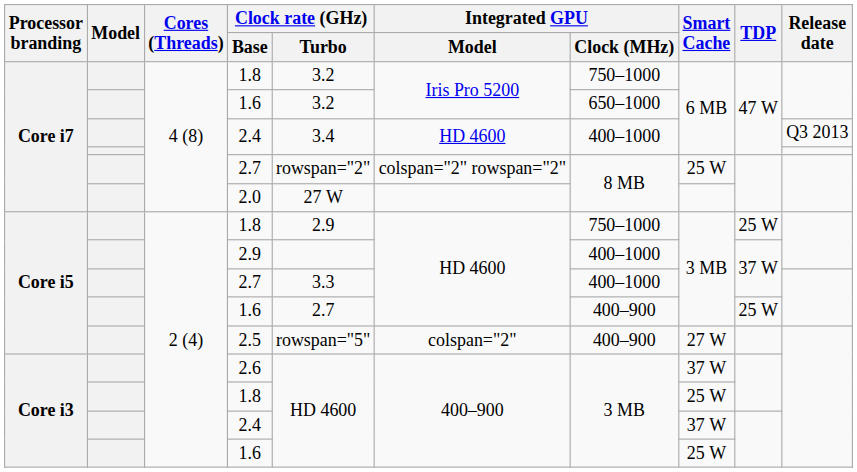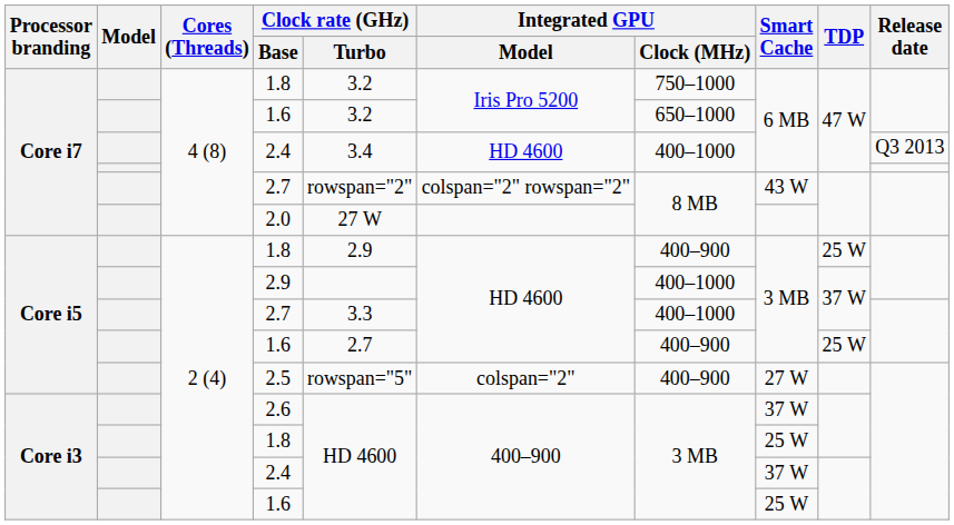 <table class="wikitable sortable nowrap" style="text-align: center;">
 <tr>
 <th class="unsortable" rowspan="2">Processor<br>branding</th>
 <th rowspan="2">Model</th>
 <th class="unsortable" rowspan="2"><a href='#'>Cores</a><br>(<a href='#'>Threads</a>)</th>
 <th colspan="2"><a href='#'>Clock rate</a> (GHz)</th>
 <th colspan="2">Integrated <a href='#'>GPU</a></th>
 <th class="unsortable" rowspan="2"><a href='#'>Smart<br>Cache</a></th>
 <th rowspan="2"><a href='#'>TDP</a></th>
 <th rowspan="2">Release<br>date</th>
 </tr>
 <tr>
 <th class="unsortable">Base</th>
 <th class="unsortable">Turbo</th>
 <th class="unsortable">Model</th>
 <th class="unsortable">Clock (MHz)</th>
 </tr>
 <tr>
 <th rowspan="6">Core i7</th>
 <th style="text-align:left;" data-sort-value="sku15"></th>
 <td rowspan="6">4 (8)</td>
 <td>1.8</td>
 <td>3.2</td>
 <td rowspan="2"><a href='#'>Iris Pro 5200</a></td>
 <td>750–1000</td>
 <td rowspan="4">6 MB</td>
 <td rowspan="4">47 W</td>
 <td rowspan="2"></td>
 </tr>
 <tr>
 <th style="text-align:left;" data-sort-value="sku14"></th>
 <td>1.6</td>
 <td>3.2</td>
 <td>650–1000</td>
 </tr>
 <tr>
 <th style="text-align:left;" data-sort-value="sku13"></th>
 <td rowspan="2">2.4</td>
 <td rowspan="2">3.4</td>
 <td rowspan="2"><a href='#'>HD 4600</a></td>
 <td rowspan="2">400–1000</td>
 <td>Q3 2013</td>
 </tr>
 <tr>
 <th style="text-align:left;" data-sort-value="sku12"></th>
 <td></td>
 </tr>
 <tr>
 <th style="text-align:left;" data-sort-value="sku11"></th>
 <td>2.7</td>
 <td>rowspan="2" </td>
 <td>colspan="2" rowspan="2" </td>
 <td rowspan="2">8 MB</td>
-<td>25 W</td>
+<td>43 W</td>
 <td rowspan="2"></td>
 </tr>
 <tr>
 <th style="text-align:left;" data-sort-value="sku10"></th>
 <td>2.0</td>
 <td>27 W</td>
 </tr>
 <tr>
 <th rowspan="5">Core i5</th>
 <th style="text-align:left;" data-sort-value="sku9"></th>
 <td rowspan="9">2 (4)</td>
 <td>1.8</td>
 <td>2.9</td>
 <td rowspan="4">HD 4600</td>
-<td>750–1000</td>
+<td>400–900</td>
 <td rowspan="4">3 MB</td>
 <td>25 W</td>
 <td rowspan="2"></td>
 </tr>
 <tr>
 <th style="text-align:left;" data-sort-value="sku8"></th>
 <td>2.9</td>
 <td></td>
 <td>400–1000</td>
 <td rowspan="2">37 W</td>
 </tr>
 <tr>
 <th style="text-align:left;" data-sort-value="sku7"></th>
 <td>2.7</td>
 <td>3.3</td>
 <td>400–1000</td>
 <td rowspan="2"></td>
 </tr>
 <tr>
 <th style="text-align:left;" data-sort-value="sku6"></th>
 <td>1.6</td>
 <td>2.7</td>
 <td>400–900</td>
 <td>25 W</td>
 </tr>
 <tr>
 <th style="text-align:left;" data-sort-value="sku5"></th>
 <td>2.5</td>
 <td>rowspan="5" </td>
 <td>colspan="2" </td>
 <td>400–900</td>
 <td>27 W</td>
 <td></td>
 </tr>
 <tr>
 <th rowspan="4">Core i3</th>
 <th style="text-align:left;" data-sort-value="sku4"></th>
 <td>2.6</td>
 <td rowspan="4">HD 4600</td>
 <td rowspan="4">400–900</td>
 <td rowspan="4">3 MB</td>
 <td>37 W</td>
 <td rowspan="2"></td>
 </tr>
 <tr>
 <th style="text-align:left;" data-sort-value="sku3"></th>
 <td>1.8</td>
 <td>25 W</td>
 </tr>
 <tr>
 <th style="text-align:left;" data-sort-value="sku2"></th>
 <td>2.4</td>
 <td>37 W</td>
 <td rowspan="2"></td>
 </tr>
 <tr>
 <th style="text-align:left;" data-sort-value="sku1"></th>
 <td>1.6</td>
 <td>25 W</td>
 </tr>
 </table>
